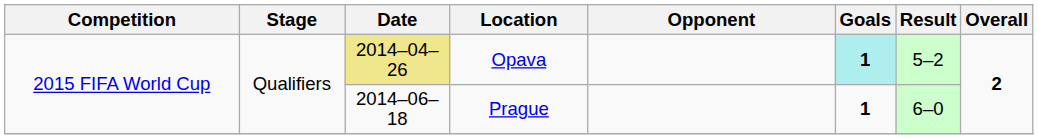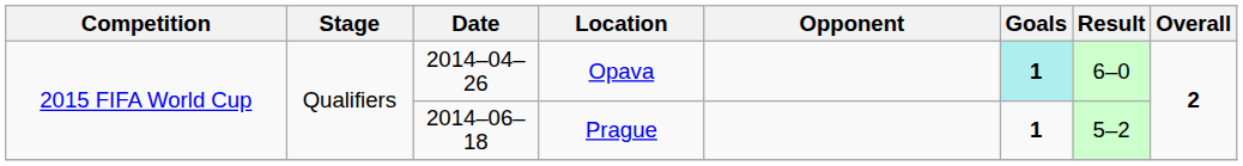 <table class="wikitable" style="font-size:90%">
 <tr>
 <th width=175px>Competition</th>
 <th width=75px>Stage</th>
 <th width=75px>Date</th>
 <th width=100px>Location</th>
 <th width=185px>Opponent</th>
 <th width=25px>Goals</th>
 <th width=25>Result</th>
 <th width=25px>Overall</th>
 </tr>
 <tr align=center>
 <td rowspan=2><a href='#'>2015 FIFA World Cup</a></td>
 <td rowspan=2>Qualifiers</td>
-<td style="background: khaki;">2014–04–26</td>
+<td>2014–04–26</td>
 <td><a href='#'>Opava</a></td>
 <td align=left></td>
 <td style="background: paleturquoise;"><strong>1</strong></td>
-<td bgcolor=#CCFFCC>5–2</td>
+<td bgcolor=#CCFFCC>6–0</td>
 <td rowspan=2><strong>2</strong></td>
 </tr>
 <tr align=center>
 <td>2014–06–18</td>
 <td><a href='#'>Prague</a></td>
 <td align=left></td>
 <td><strong>1</strong></td>
-<td bgcolor=#CCFFCC>6–0</td>
+<td bgcolor=#CCFFCC>5–2</td>
 </tr>
 <tr>
 </tr>
 </table>
